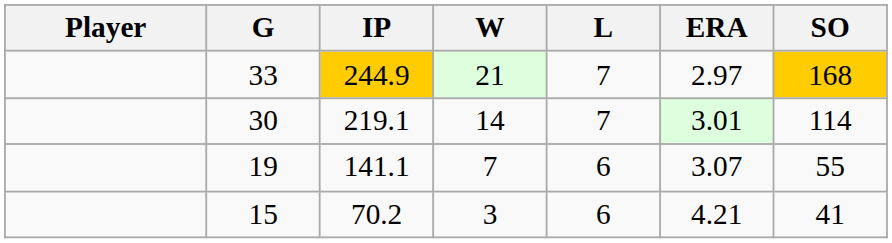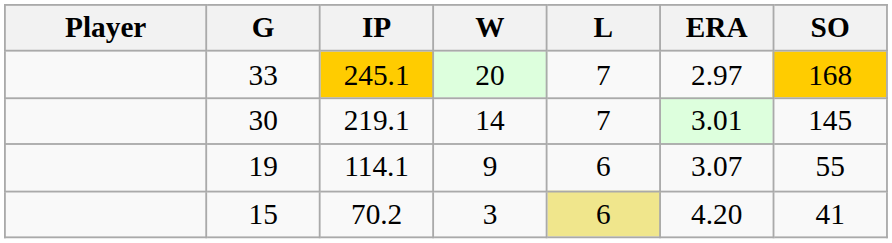 <table class="wikitable sortable">
 <tr>
 <th bgcolor="#DDDDFF" width="16%">Player</th>
 <th bgcolor="#DDDDFF" width="9%">G</th>
 <th bgcolor="#DDDDFF" width="9%">IP</th>
 <th bgcolor="#DDDDFF" width="9%">W</th>
 <th bgcolor="#DDDDFF" width="9%">L</th>
 <th bgcolor="#DDDDFF" width="9%">ERA</th>
 <th bgcolor="#DDDDFF" width="9%">SO</th>
 </tr>
 <tr align="center">
 <td></td>
 <td>33</td>
-<td style="background:#fc0;">244.9</td>
-<td style="background:#DDFFDD;">21</td>
+<td style="background:#fc0;">245.1</td>
+<td style="background:#DDFFDD;">20</td>
 <td>7</td>
 <td>2.97</td>
 <td style="background:#fc0;">168</td>
 </tr>
 <tr align="center">
 <td></td>
 <td>30</td>
 <td>219.1</td>
 <td>14</td>
 <td>7</td>
 <td style="background:#DDFFDD;">3.01</td>
-<td>114</td>
+<td>145</td>
 </tr>
 <tr align="center">
 <td></td>
 <td>19</td>
-<td>141.1</td>
-<td>7</td>
+<td>114.1</td>
+<td>9</td>
 <td>6</td>
 <td>3.07</td>
 <td>55</td>
 </tr>
 <tr align="center">
 <td></td>
 <td>15</td>
 <td>70.2</td>
 <td>3</td>
-<td>6</td>
-<td>4.21</td>
+<td style="background: khaki;">6</td>
+<td>4.20</td>
 <td>41</td>
 </tr>
 </table>
